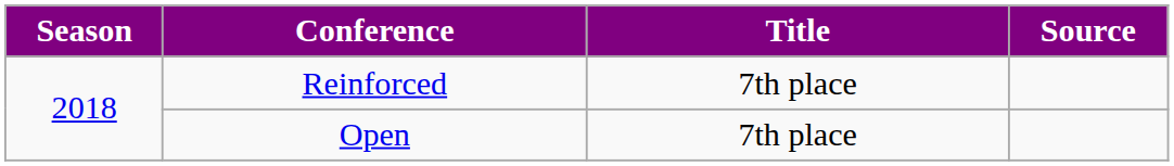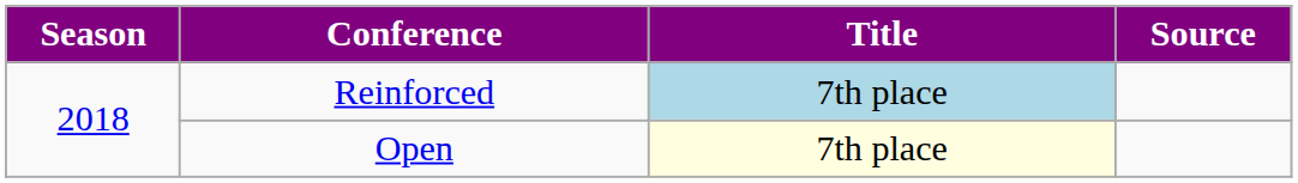 <table class="wikitable" style="text-align:center;">
 <tr>
 <th style="width:70px;  background:#800080; color:#FFFFFF;">Season</th>
 <th style="width:200px; background:#800080; color:#FFFFFF;">Conference</th>
 <th style="width:200px; background:#800080; color:#FFFFFF;">Title</th>
 <th style="width:70px;  background:#800080; color:#FFFFFF;">Source</th>
 </tr>
 <tr>
 <td rowspan=2><a href='#'>2018</a></td>
 <td><a href='#'>Reinforced</a></td>
-<td>7th place</td>
+<td style="background: lightblue;">7th place</td>
 <td></td>
 </tr>
 <tr>
 <td><a href='#'>Open</a></td>
-<td>7th place</td>
+<td style="background: lightyellow;">7th place</td>
 <td></td>
 </tr>
 </table>
